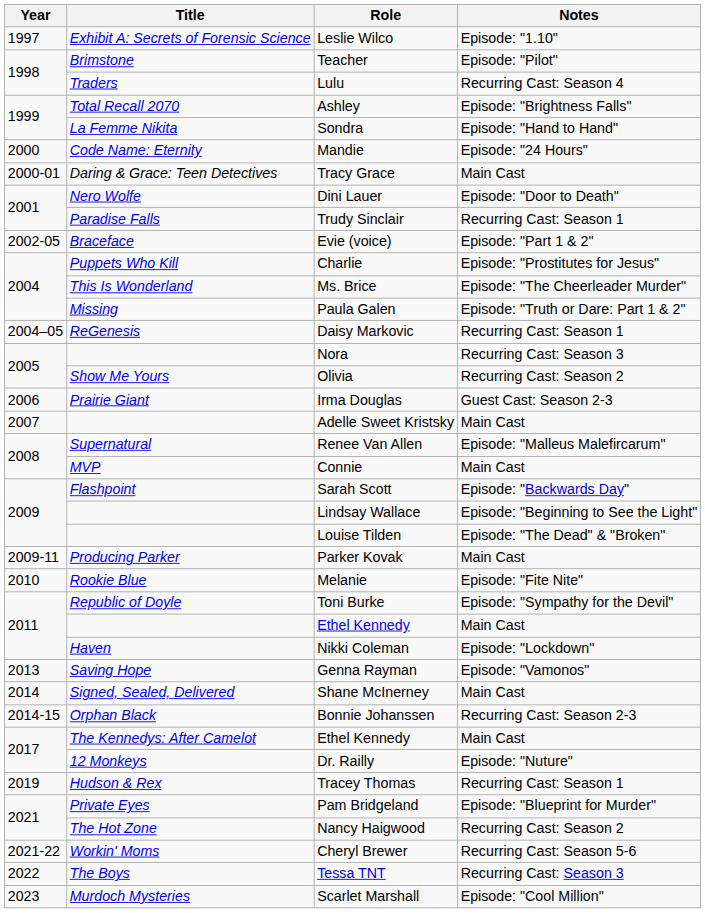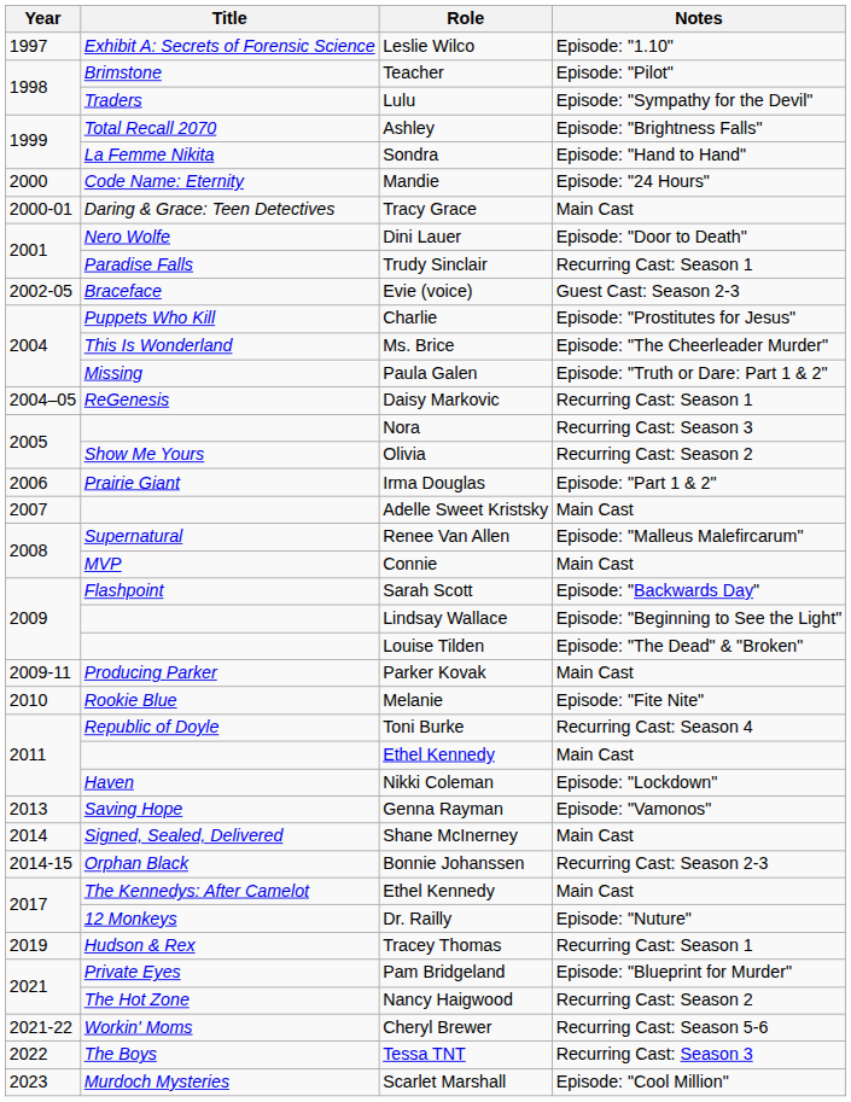 <table class="wikitable sortable">
 <tr>
 <th>Year</th>
 <th>Title</th>
 <th>Role</th>
 <th class="unsortable">Notes</th>
 </tr>
 <tr>
 <td>1997</td>
 <td><em><a href='#'>Exhibit A: Secrets of Forensic Science</a></em></td>
 <td>Leslie Wilco</td>
 <td>Episode: "1.10"</td>
 </tr>
 <tr>
 <td rowspan="2">1998</td>
 <td><em><a href='#'>Brimstone</a></em></td>
 <td>Teacher</td>
 <td>Episode: "Pilot"</td>
 </tr>
 <tr>
 <td><em><a href='#'>Traders</a></em></td>
 <td>Lulu</td>
-<td>Recurring Cast: Season 4</td>
+<td>Episode: "Sympathy for the Devil"</td>
 </tr>
 <tr>
 <td rowspan="2">1999</td>
 <td><em><a href='#'>Total Recall 2070</a></em></td>
 <td>Ashley</td>
 <td>Episode: "Brightness Falls"</td>
 </tr>
 <tr>
 <td><em><a href='#'>La Femme Nikita</a></em></td>
 <td>Sondra</td>
 <td>Episode: "Hand to Hand"</td>
 </tr>
 <tr>
 <td>2000</td>
 <td><em><a href='#'>Code Name: Eternity</a></em></td>
 <td>Mandie</td>
 <td>Episode: "24 Hours"</td>
 </tr>
 <tr>
 <td>2000-01</td>
 <td><em>Daring & Grace: Teen Detectives</em></td>
 <td>Tracy Grace</td>
 <td>Main Cast</td>
 </tr>
 <tr>
 <td rowspan="2">2001</td>
 <td><em><a href='#'>Nero Wolfe</a></em></td>
 <td>Dini Lauer</td>
 <td>Episode: "Door to Death"</td>
 </tr>
 <tr>
 <td><em><a href='#'>Paradise Falls</a></em></td>
 <td>Trudy Sinclair</td>
 <td>Recurring Cast: Season 1</td>
 </tr>
 <tr>
 <td>2002-05</td>
 <td><em><a href='#'>Braceface</a></em></td>
 <td>Evie (voice)</td>
-<td>Episode: "Part 1 & 2"</td>
+<td>Guest Cast: Season 2-3</td>
 </tr>
 <tr>
 <td rowspan="3">2004</td>
 <td><em><a href='#'>Puppets Who Kill</a></em></td>
 <td>Charlie</td>
 <td>Episode: "Prostitutes for Jesus"</td>
 </tr>
 <tr>
 <td><em><a href='#'>This Is Wonderland</a></em></td>
 <td>Ms. Brice</td>
 <td>Episode: "The Cheerleader Murder"</td>
 </tr>
 <tr>
 <td><em><a href='#'>Missing</a></em></td>
 <td>Paula Galen</td>
 <td>Episode: "Truth or Dare: Part 1 & 2"</td>
 </tr>
 <tr>
 <td>2004–05</td>
 <td><em><a href='#'>ReGenesis</a></em></td>
 <td>Daisy Markovic</td>
 <td>Recurring Cast: Season 1</td>
 </tr>
 <tr>
 <td rowspan="2">2005</td>
 <td><em></em></td>
 <td>Nora</td>
 <td>Recurring Cast: Season 3</td>
 </tr>
 <tr>
 <td><em><a href='#'>Show Me Yours</a></em></td>
 <td>Olivia</td>
 <td>Recurring Cast: Season 2</td>
 </tr>
 <tr>
 <td>2006</td>
 <td><em><a href='#'>Prairie Giant</a></em></td>
 <td>Irma Douglas</td>
-<td>Guest Cast: Season 2-3</td>
+<td>Episode: "Part 1 & 2"</td>
 </tr>
 <tr>
 <td>2007</td>
 <td><em></em></td>
 <td>Adelle Sweet Kristsky</td>
 <td>Main Cast</td>
 </tr>
 <tr>
 <td rowspan="2">2008</td>
 <td><em><a href='#'>Supernatural</a></em></td>
 <td>Renee Van Allen</td>
 <td>Episode: "Malleus Malefircarum"</td>
 </tr>
 <tr>
 <td><em><a href='#'>MVP</a></em></td>
 <td>Connie</td>
 <td>Main Cast</td>
 </tr>
 <tr>
 <td rowspan="3">2009</td>
 <td><em><a href='#'>Flashpoint</a></em></td>
 <td>Sarah Scott</td>
 <td>Episode: "<a href='#'>Backwards Day</a>"</td>
 </tr>
 <tr>
 <td><em></em></td>
 <td>Lindsay Wallace</td>
 <td>Episode: "Beginning to See the Light"</td>
 </tr>
 <tr>
 <td><em></em></td>
 <td>Louise Tilden</td>
 <td>Episode: "The Dead" & "Broken"</td>
 </tr>
 <tr>
 <td>2009-11</td>
 <td><em><a href='#'>Producing Parker</a></em></td>
 <td>Parker Kovak</td>
 <td>Main Cast</td>
 </tr>
 <tr>
 <td>2010</td>
 <td><em><a href='#'>Rookie Blue</a></em></td>
 <td>Melanie</td>
 <td>Episode: "Fite Nite"</td>
 </tr>
 <tr>
 <td rowspan="3">2011</td>
 <td><em><a href='#'>Republic of Doyle</a></em></td>
 <td>Toni Burke</td>
-<td>Episode: "Sympathy for the Devil"</td>
+<td>Recurring Cast: Season 4</td>
 </tr>
 <tr>
 <td><em></em></td>
 <td><a href='#'>Ethel Kennedy</a></td>
 <td>Main Cast</td>
 </tr>
 <tr>
 <td><em><a href='#'>Haven</a></em></td>
 <td>Nikki Coleman</td>
 <td>Episode: "Lockdown"</td>
 </tr>
 <tr>
 <td>2013</td>
 <td><em><a href='#'>Saving Hope</a></em></td>
 <td>Genna Rayman</td>
 <td>Episode: "Vamonos"</td>
 </tr>
 <tr>
 <td>2014</td>
 <td><em><a href='#'>Signed, Sealed, Delivered</a></em></td>
 <td>Shane McInerney</td>
 <td>Main Cast</td>
 </tr>
 <tr>
 <td>2014-15</td>
 <td><em><a href='#'>Orphan Black</a></em></td>
 <td>Bonnie Johanssen</td>
 <td>Recurring Cast: Season 2-3</td>
 </tr>
 <tr>
 <td rowspan="2">2017</td>
 <td data-sort-value="Kennedys: After Camelot, The"><em><a href='#'>The Kennedys: After Camelot</a></em></td>
 <td>Ethel Kennedy</td>
 <td>Main Cast</td>
 </tr>
 <tr>
 <td><em><a href='#'>12 Monkeys</a></em></td>
 <td>Dr. Railly</td>
 <td>Episode: "Nuture"</td>
 </tr>
 <tr>
 <td>2019</td>
 <td><em><a href='#'>Hudson & Rex</a></em></td>
 <td>Tracey Thomas</td>
 <td>Recurring Cast: Season 1</td>
 </tr>
 <tr>
 <td rowspan="2">2021</td>
 <td><em><a href='#'>Private Eyes</a></em></td>
 <td>Pam Bridgeland</td>
 <td>Episode: "Blueprint for Murder"</td>
 </tr>
 <tr>
 <td data-sort-value="Hot Zone, The"><em><a href='#'>The Hot Zone</a></em></td>
 <td>Nancy Haigwood</td>
 <td>Recurring Cast: Season 2</td>
 </tr>
 <tr>
 <td>2021-22</td>
 <td><em><a href='#'>Workin' Moms</a></em></td>
 <td>Cheryl Brewer</td>
 <td>Recurring Cast: Season 5-6</td>
 </tr>
 <tr>
 <td>2022</td>
 <td data-sort-value="Boys, The"><em><a href='#'>The Boys</a></em></td>
 <td><a href='#'>Tessa TNT</a></td>
 <td>Recurring Cast: <a href='#'>Season 3</a></td>
 </tr>
 <tr>
 <td>2023</td>
 <td><em><a href='#'>Murdoch Mysteries</a></em></td>
 <td>Scarlet Marshall</td>
 <td>Episode: "Cool Million"</td>
 </tr>
 </table>
